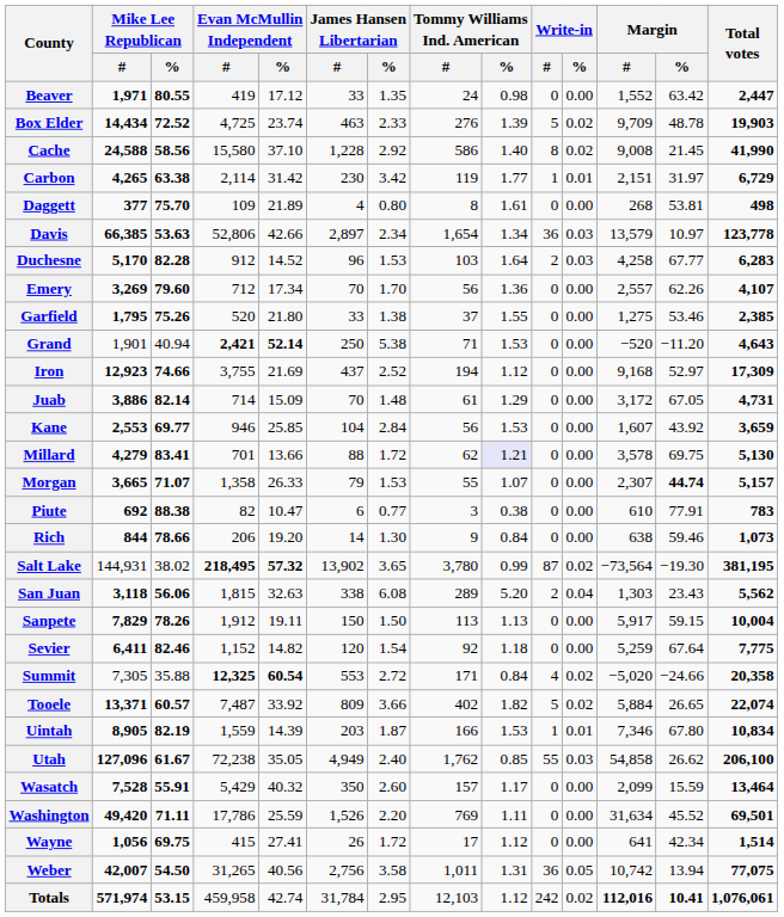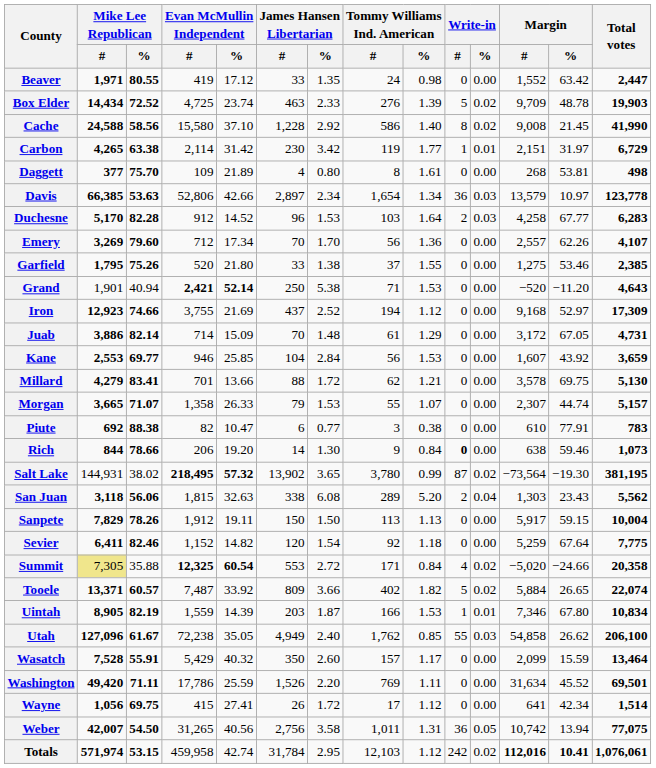 <table class="wikitable sortable" style="text-align:right;font-size:90%;line-height:1.3">
 <tr>
 <th rowspan=2>County</th>
 <th colspan=2><a href='#'>Mike Lee</a><br><a href='#'>Republican</a></th>
 <th colspan=2><a href='#'>Evan McMullin</a><br><a href='#'>Independent</a></th>
 <th colspan=2>James Hansen<br><a href='#'>Libertarian</a></th>
 <th colspan=2>Tommy Williams<br>Ind. American</th>
 <th colspan=2><a href='#'>Write-in</a></th>
 <th colspan=2>Margin</th>
 <th rowspan=2>Total<br>votes</th>
 </tr>
 <tr>
 <th data-sort-type="number">#</th>
 <th data-sort-type="number">%</th>
 <th data-sort-type="number">#</th>
 <th data-sort-type="number">%</th>
 <th data-sort-type="number">#</th>
 <th data-sort-type="number">%</th>
 <th data-sort-type="number">#</th>
 <th data-sort-type="number">%</th>
 <th data-sort-type="number">#</th>
 <th data-sort-type="number">%</th>
 <th data-sort-type="number">#</th>
 <th data-sort-type="number">%</th>
 </tr>
 <tr>
 <th><a href='#'>Beaver</a></th>
 <td><strong>1,971</strong></td>
 <td><strong>80.55</strong></td>
 <td>419</td>
 <td>17.12</td>
 <td>33</td>
 <td>1.35</td>
 <td>24</td>
 <td>0.98</td>
 <td>0</td>
 <td>0.00</td>
 <td>1,552</td>
 <td>63.42</td>
 <td><strong>2,447</strong></td>
 </tr>
 <tr>
 <th><a href='#'>Box Elder</a></th>
 <td><strong>14,434</strong></td>
 <td><strong>72.52</strong></td>
 <td>4,725</td>
 <td>23.74</td>
 <td>463</td>
 <td>2.33</td>
 <td>276</td>
 <td>1.39</td>
 <td>5</td>
 <td>0.02</td>
 <td>9,709</td>
 <td>48.78</td>
 <td><strong>19,903</strong></td>
 </tr>
 <tr>
 <th><a href='#'>Cache</a></th>
 <td><strong>24,588</strong></td>
 <td><strong>58.56</strong></td>
 <td>15,580</td>
 <td>37.10</td>
 <td>1,228</td>
 <td>2.92</td>
 <td>586</td>
 <td>1.40</td>
 <td>8</td>
 <td>0.02</td>
 <td>9,008</td>
 <td>21.45</td>
 <td><strong>41,990</strong></td>
 </tr>
 <tr>
 <th><a href='#'>Carbon</a></th>
 <td><strong>4,265</strong></td>
 <td><strong>63.38</strong></td>
 <td>2,114</td>
 <td>31.42</td>
 <td>230</td>
 <td>3.42</td>
 <td>119</td>
 <td>1.77</td>
 <td>1</td>
 <td>0.01</td>
 <td>2,151</td>
 <td>31.97</td>
 <td><strong>6,729</strong></td>
 </tr>
 <tr>
 <th><a href='#'>Daggett</a></th>
 <td><strong>377</strong></td>
 <td><strong>75.70</strong></td>
 <td>109</td>
 <td>21.89</td>
 <td>4</td>
 <td>0.80</td>
 <td>8</td>
 <td>1.61</td>
 <td>0</td>
 <td>0.00</td>
 <td>268</td>
 <td>53.81</td>
 <td><strong>498</strong></td>
 </tr>
 <tr>
 <th><a href='#'>Davis</a></th>
 <td><strong>66,385</strong></td>
 <td><strong>53.63</strong></td>
 <td>52,806</td>
 <td>42.66</td>
 <td>2,897</td>
 <td>2.34</td>
 <td>1,654</td>
 <td>1.34</td>
 <td>36</td>
 <td>0.03</td>
 <td>13,579</td>
 <td>10.97</td>
 <td><strong>123,778</strong></td>
 </tr>
 <tr>
 <th><a href='#'>Duchesne</a></th>
 <td><strong>5,170</strong></td>
 <td><strong>82.28</strong></td>
 <td>912</td>
 <td>14.52</td>
 <td>96</td>
 <td>1.53</td>
 <td>103</td>
 <td>1.64</td>
 <td>2</td>
 <td>0.03</td>
 <td>4,258</td>
 <td>67.77</td>
 <td><strong>6,283</strong></td>
 </tr>
 <tr>
 <th><a href='#'>Emery</a></th>
 <td><strong>3,269</strong></td>
 <td><strong>79.60</strong></td>
 <td>712</td>
 <td>17.34</td>
 <td>70</td>
 <td>1.70</td>
 <td>56</td>
 <td>1.36</td>
 <td>0</td>
 <td>0.00</td>
 <td>2,557</td>
 <td>62.26</td>
 <td><strong>4,107</strong></td>
 </tr>
 <tr>
 <th><a href='#'>Garfield</a></th>
 <td><strong>1,795</strong></td>
 <td><strong>75.26</strong></td>
 <td>520</td>
 <td>21.80</td>
 <td>33</td>
 <td>1.38</td>
 <td>37</td>
 <td>1.55</td>
 <td>0</td>
 <td>0.00</td>
 <td>1,275</td>
 <td>53.46</td>
 <td><strong>2,385</strong></td>
 </tr>
 <tr>
 <th><a href='#'>Grand</a></th>
 <td>1,901</td>
 <td>40.94</td>
 <td><strong>2,421</strong></td>
 <td><strong>52.14</strong></td>
 <td>250</td>
 <td>5.38</td>
 <td>71</td>
 <td>1.53</td>
 <td>0</td>
 <td>0.00</td>
 <td>−520</td>
 <td>−11.20</td>
 <td><strong>4,643</strong></td>
 </tr>
 <tr>
 <th><a href='#'>Iron</a></th>
 <td><strong>12,923</strong></td>
 <td><strong>74.66</strong></td>
 <td>3,755</td>
 <td>21.69</td>
 <td>437</td>
 <td>2.52</td>
 <td>194</td>
 <td>1.12</td>
 <td>0</td>
 <td>0.00</td>
 <td>9,168</td>
 <td>52.97</td>
 <td><strong>17,309</strong></td>
 </tr>
 <tr>
 <th><a href='#'>Juab</a></th>
 <td><strong>3,886</strong></td>
 <td><strong>82.14</strong></td>
 <td>714</td>
 <td>15.09</td>
 <td>70</td>
 <td>1.48</td>
 <td>61</td>
 <td>1.29</td>
 <td>0</td>
 <td>0.00</td>
 <td>3,172</td>
 <td>67.05</td>
 <td><strong>4,731</strong></td>
 </tr>
 <tr>
 <th><a href='#'>Kane</a></th>
 <td><strong>2,553</strong></td>
 <td><strong>69.77</strong></td>
 <td>946</td>
 <td>25.85</td>
 <td>104</td>
 <td>2.84</td>
 <td>56</td>
 <td>1.53</td>
 <td>0</td>
 <td>0.00</td>
 <td>1,607</td>
 <td>43.92</td>
 <td><strong>3,659</strong></td>
 </tr>
 <tr>
 <th><a href='#'>Millard</a></th>
 <td><strong>4,279</strong></td>
 <td><strong>83.41</strong></td>
 <td>701</td>
 <td>13.66</td>
 <td>88</td>
 <td>1.72</td>
 <td>62</td>
-<td style="background: lavender;">1.21</td>
+<td>1.21</td>
 <td>0</td>
 <td>0.00</td>
 <td>3,578</td>
 <td>69.75</td>
 <td><strong>5,130</strong></td>
 </tr>
 <tr>
 <th><a href='#'>Morgan</a></th>
 <td><strong>3,665</strong></td>
 <td><strong>71.07</strong></td>
 <td>1,358</td>
 <td>26.33</td>
 <td>79</td>
 <td>1.53</td>
 <td>55</td>
 <td>1.07</td>
 <td>0</td>
 <td>0.00</td>
 <td>2,307</td>
-<td><strong>44.74</strong></td>
+<td>44.74</td>
 <td><strong>5,157</strong></td>
 </tr>
 <tr>
 <th><a href='#'>Piute</a></th>
 <td><strong>692</strong></td>
 <td><strong>88.38</strong></td>
 <td>82</td>
 <td>10.47</td>
 <td>6</td>
 <td>0.77</td>
 <td>3</td>
 <td>0.38</td>
 <td>0</td>
 <td>0.00</td>
 <td>610</td>
 <td>77.91</td>
 <td><strong>783</strong></td>
 </tr>
 <tr>
 <th><a href='#'>Rich</a></th>
 <td><strong>844</strong></td>
 <td><strong>78.66</strong></td>
 <td>206</td>
 <td>19.20</td>
 <td>14</td>
 <td>1.30</td>
 <td>9</td>
 <td>0.84</td>
-<td>0</td>
+<td><strong>0</strong></td>
 <td>0.00</td>
 <td>638</td>
 <td>59.46</td>
 <td><strong>1,073</strong></td>
 </tr>
 <tr>
 <th><a href='#'>Salt Lake</a></th>
 <td>144,931</td>
 <td>38.02</td>
 <td><strong>218,495</strong></td>
 <td><strong>57.32</strong></td>
 <td>13,902</td>
 <td>3.65</td>
 <td>3,780</td>
 <td>0.99</td>
 <td>87</td>
 <td>0.02</td>
 <td>−73,564</td>
 <td>−19.30</td>
 <td><strong>381,195</strong></td>
 </tr>
 <tr>
 <th><a href='#'>San Juan</a></th>
 <td><strong>3,118</strong></td>
 <td><strong>56.06</strong></td>
 <td>1,815</td>
 <td>32.63</td>
 <td>338</td>
 <td>6.08</td>
 <td>289</td>
 <td>5.20</td>
 <td>2</td>
 <td>0.04</td>
 <td>1,303</td>
 <td>23.43</td>
 <td><strong>5,562</strong></td>
 </tr>
 <tr>
 <th><a href='#'>Sanpete</a></th>
 <td><strong>7,829</strong></td>
 <td><strong>78.26</strong></td>
 <td>1,912</td>
 <td>19.11</td>
 <td>150</td>
 <td>1.50</td>
 <td>113</td>
 <td>1.13</td>
 <td>0</td>
 <td>0.00</td>
 <td>5,917</td>
 <td>59.15</td>
 <td><strong>10,004</strong></td>
 </tr>
 <tr>
 <th><a href='#'>Sevier</a></th>
 <td><strong>6,411</strong></td>
 <td><strong>82.46</strong></td>
 <td>1,152</td>
 <td>14.82</td>
 <td>120</td>
 <td>1.54</td>
 <td>92</td>
 <td>1.18</td>
 <td>0</td>
 <td>0.00</td>
 <td>5,259</td>
 <td>67.64</td>
 <td><strong>7,775</strong></td>
 </tr>
 <tr>
 <th><a href='#'>Summit</a></th>
-<td>7,305</td>
+<td style="background: khaki;">7,305</td>
 <td>35.88</td>
 <td><strong>12,325</strong></td>
 <td><strong>60.54</strong></td>
 <td>553</td>
 <td>2.72</td>
 <td>171</td>
 <td>0.84</td>
 <td>4</td>
 <td>0.02</td>
 <td>−5,020</td>
 <td>−24.66</td>
 <td><strong>20,358</strong></td>
 </tr>
 <tr>
 <th><a href='#'>Tooele</a></th>
 <td><strong>13,371</strong></td>
 <td><strong>60.57</strong></td>
 <td>7,487</td>
 <td>33.92</td>
 <td>809</td>
 <td>3.66</td>
 <td>402</td>
 <td>1.82</td>
 <td>5</td>
 <td>0.02</td>
 <td>5,884</td>
 <td>26.65</td>
 <td><strong>22,074</strong></td>
 </tr>
 <tr>
 <th><a href='#'>Uintah</a></th>
 <td><strong>8,905</strong></td>
 <td><strong>82.19</strong></td>
 <td>1,559</td>
 <td>14.39</td>
 <td>203</td>
 <td>1.87</td>
 <td>166</td>
 <td>1.53</td>
 <td>1</td>
 <td>0.01</td>
 <td>7,346</td>
 <td>67.80</td>
 <td><strong>10,834</strong></td>
 </tr>
 <tr>
 <th><a href='#'>Utah</a></th>
 <td><strong>127,096</strong></td>
 <td><strong>61.67</strong></td>
 <td>72,238</td>
 <td>35.05</td>
 <td>4,949</td>
 <td>2.40</td>
 <td>1,762</td>
 <td>0.85</td>
 <td>55</td>
 <td>0.03</td>
 <td>54,858</td>
 <td>26.62</td>
 <td><strong>206,100</strong></td>
 </tr>
 <tr>
 <th><a href='#'>Wasatch</a></th>
 <td><strong>7,528</strong></td>
 <td><strong>55.91</strong></td>
 <td>5,429</td>
 <td>40.32</td>
 <td>350</td>
 <td>2.60</td>
 <td>157</td>
 <td>1.17</td>
 <td>0</td>
 <td>0.00</td>
 <td>2,099</td>
 <td>15.59</td>
 <td><strong>13,464</strong></td>
 </tr>
 <tr>
 <th><a href='#'>Washington</a></th>
 <td><strong>49,420</strong></td>
 <td><strong>71.11</strong></td>
 <td>17,786</td>
 <td>25.59</td>
 <td>1,526</td>
 <td>2.20</td>
 <td>769</td>
 <td>1.11</td>
 <td>0</td>
 <td>0.00</td>
 <td>31,634</td>
 <td>45.52</td>
 <td><strong>69,501</strong></td>
 </tr>
 <tr>
 <th><a href='#'>Wayne</a></th>
 <td><strong>1,056</strong></td>
 <td><strong>69.75</strong></td>
 <td>415</td>
 <td>27.41</td>
 <td>26</td>
 <td>1.72</td>
 <td>17</td>
 <td>1.12</td>
 <td>0</td>
 <td>0.00</td>
 <td>641</td>
 <td>42.34</td>
 <td><strong>1,514</strong></td>
 </tr>
 <tr>
 <th><a href='#'>Weber</a></th>
 <td><strong>42,007</strong></td>
 <td><strong>54.50</strong></td>
 <td>31,265</td>
 <td>40.56</td>
 <td>2,756</td>
 <td>3.58</td>
 <td>1,011</td>
 <td>1.31</td>
 <td>36</td>
 <td>0.05</td>
 <td>10,742</td>
 <td>13.94</td>
 <td><strong>77,075</strong></td>
 </tr>
 <tr class="sortbottom">
 <th>Totals</th>
 <td><strong>571,974</strong></td>
 <td><strong>53.15</strong></td>
 <td>459,958</td>
 <td>42.74</td>
 <td>31,784</td>
 <td>2.95</td>
 <td>12,103</td>
 <td>1.12</td>
 <td>242</td>
 <td>0.02</td>
 <td><strong>112,016</strong></td>
 <td><strong>10.41</strong></td>
 <td><strong>1,076,061</strong></td>
 </tr>
 </table>
